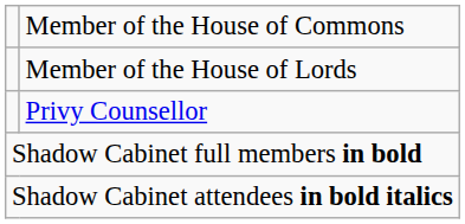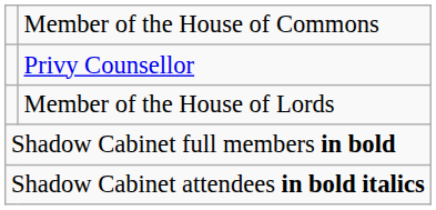 <table class="wikitable">
 <tr>
 <td style="background: "></td>
 <td>Member of the House of Commons</td>
 </tr>
 <tr>
 <td style="background: "></td>
-<td>Member of the House of Lords</td>
+<td><a href='#'>Privy Counsellor</a></td>
 </tr>
 <tr>
 <td style="background: "></td>
-<td><a href='#'>Privy Counsellor</a></td>
+<td>Member of the House of Lords</td>
 </tr>
 <tr>
 <td colspan="2">Shadow Cabinet full members <strong>in bold</strong></td>
 </tr>
 <tr>
 <td colspan="2">Shadow Cabinet attendees <strong>in bold italics</strong></td>
 </tr>
 </table>
